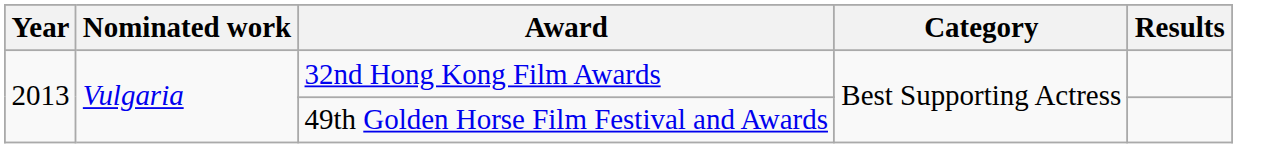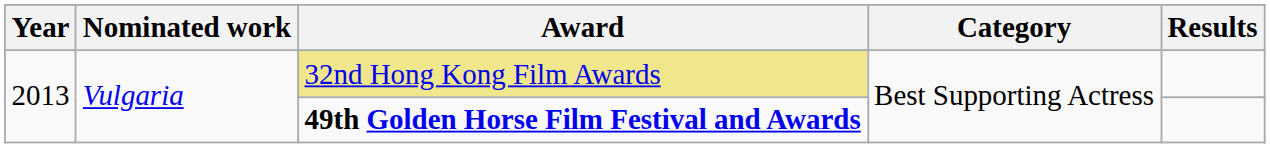 <table class="wikitable sortable">
 <tr>
 <th>Year</th>
 <th class="unsortable">Nominated work</th>
 <th class="unsortable">Award</th>
 <th class="unsortable">Category</th>
 <th class="unsortable">Results</th>
 </tr>
 <tr>
 <td rowspan="2">2013</td>
 <td rowspan="2"><em><a href='#'>Vulgaria</a></em></td>
-<td><a href='#'>32nd Hong Kong Film Awards</a></td>
+<td style="background: khaki;"><a href='#'>32nd Hong Kong Film Awards</a></td>
 <td rowspan="2">Best Supporting Actress</td>
 <td></td>
 </tr>
 <tr>
-<td>49th <a href='#'>Golden Horse Film Festival and Awards</a></td>
+<td><strong>49th <a href='#'>Golden Horse Film Festival and Awards</a></strong></td>
 <td></td>
 </tr>
 </table>
